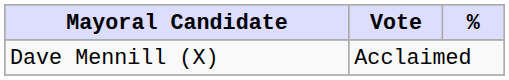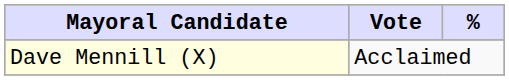 <table class="wikitable">
 <tr>
 <th style="background:#ddf; width:200px;">Mayoral Candidate </th>
 <th style="background:#ddf; width:50px;">Vote</th>
 <th style="background:#ddf; width:30px;">%</th>
 </tr>
 <tr>
-<td>Dave Mennill (X)</td>
+<td style="background: lightyellow;">Dave Mennill (X)</td>
 <td colspan="2">Acclaimed</td>
 </tr>
 </table>
